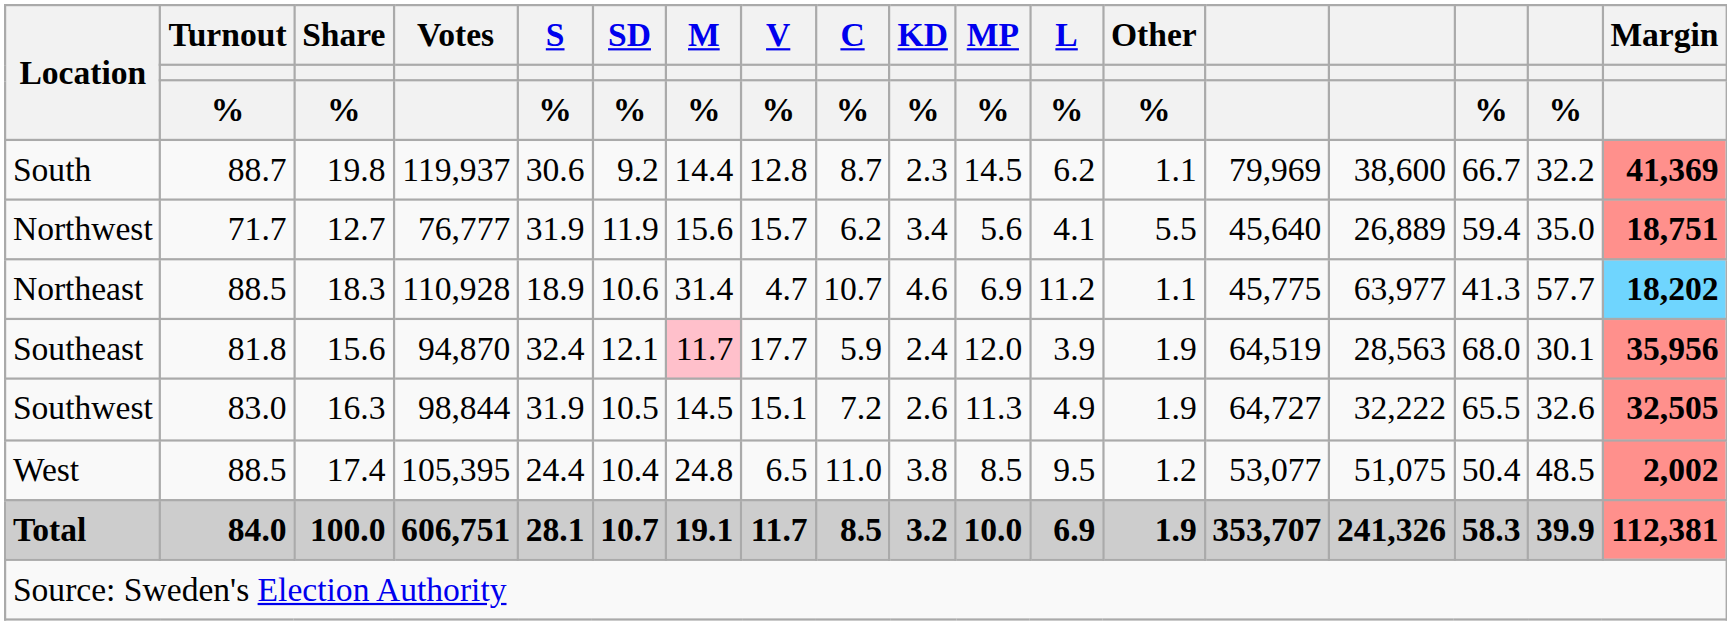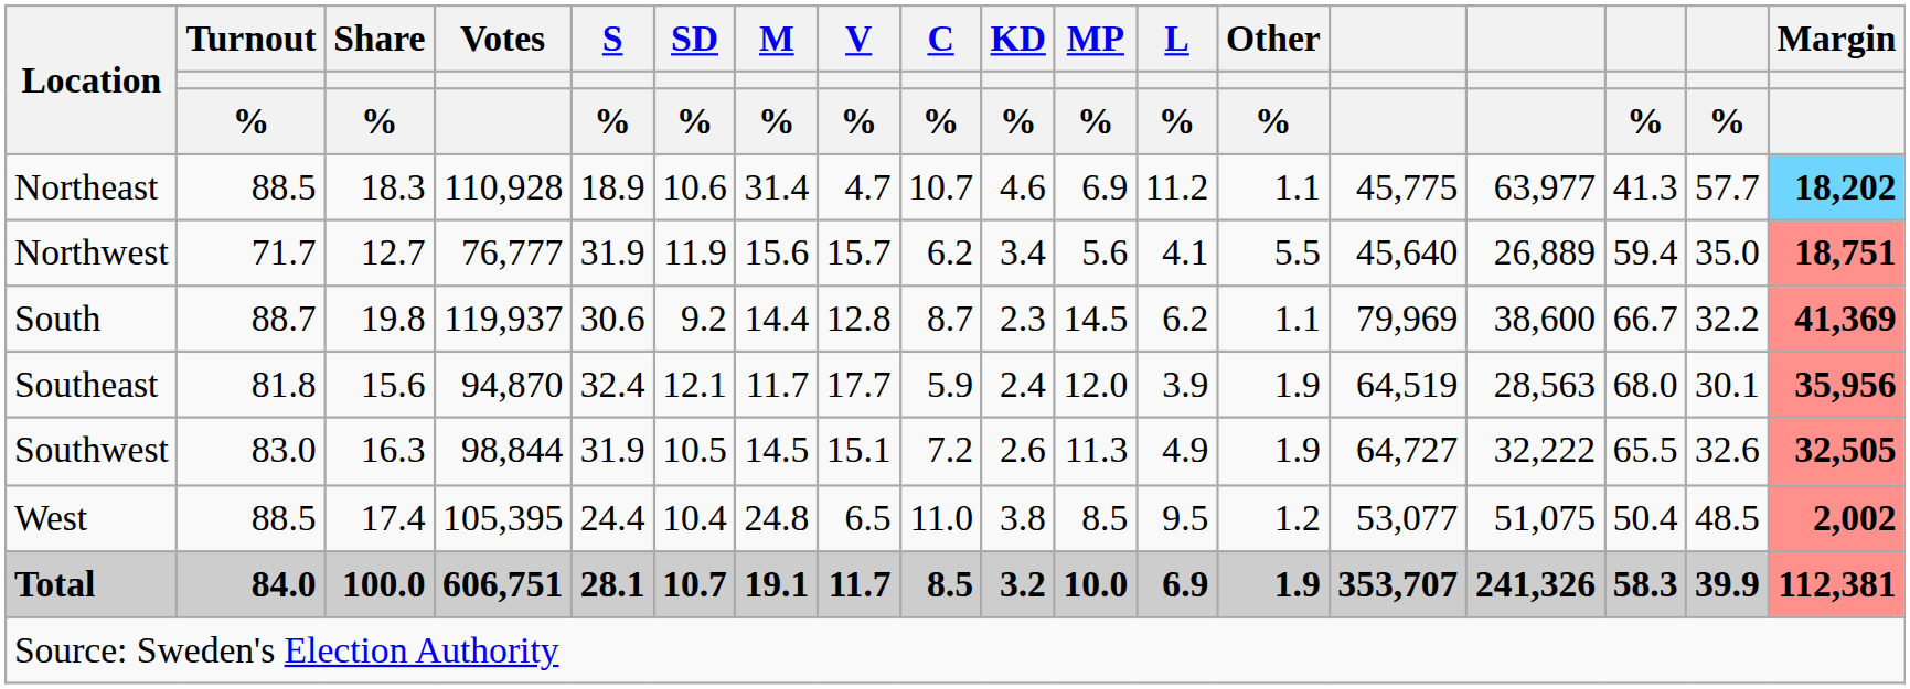 <table class="wikitable sortable" style="text-align:right; font-size:95%; line-height:20px;">
 <tr>
 <th rowspan="3">Location</th>
 <th>Turnout</th>
 <th>Share</th>
 <th>Votes</th>
 <th width="30px" class="unsortable"><a href='#'>S</a></th>
 <th width="30px" class="unsortable"><a href='#'>SD</a></th>
 <th width="30px" class="unsortable"><a href='#'>M</a></th>
 <th width="30px" class="unsortable"><a href='#'>V</a></th>
 <th width="30px" class="unsortable"><a href='#'>C</a></th>
 <th width="30px" class="unsortable"><a href='#'>KD</a></th>
 <th width="30px" class="unsortable"><a href='#'>MP</a></th>
 <th width="30px" class="unsortable"><a href='#'>L</a></th>
 <th width="30px" class="unsortable">Other</th>
 <th></th>
 <th></th>
 <th></th>
 <th></th>
 <th>Margin</th>
 </tr>
 <tr>
 <th></th>
 <th></th>
 <th></th>
 <th style="background:"></th>
 <th style="background:"></th>
 <th style="background:"></th>
 <th style="background:"></th>
 <th style="background:"></th>
 <th style="background:"></th>
 <th style="background:"></th>
 <th style="background:"></th>
 <th style="background:"></th>
 <th style="background:"></th>
 <th style="background:"></th>
 <th style="background:"></th>
 <th style="background:"></th>
 <th></th>
 </tr>
 <tr>
 <th data-sort-type="number">%</th>
 <th data-sort-type="number">%</th>
 <th></th>
 <th data-sort-type="number">%</th>
 <th data-sort-type="number">%</th>
 <th data-sort-type="number">%</th>
 <th data-sort-type="number">%</th>
 <th data-sort-type="number">%</th>
 <th data-sort-type="number">%</th>
 <th data-sort-type="number">%</th>
 <th data-sort-type="number">%</th>
 <th data-sort-type="number">%</th>
 <th data-sort-type="number"></th>
 <th data-sort-type="number"></th>
 <th data-sort-type="number">%</th>
 <th data-sort-type="number">%</th>
 <th data-sort-type="number"></th>
 </tr>
 <tr>
-<td align="left">South</td>
-<td>88.7</td>
-<td>19.8</td>
-<td>119,937</td>
-<td>30.6</td>
-<td>9.2</td>
-<td>14.4</td>
-<td>12.8</td>
-<td>8.7</td>
-<td>2.3</td>
-<td>14.5</td>
-<td>6.2</td>
+<td align="left">Northeast</td>
+<td>88.5</td>
+<td>18.3</td>
+<td>110,928</td>
+<td>18.9</td>
+<td>10.6</td>
+<td>31.4</td>
+<td>4.7</td>
+<td>10.7</td>
+<td>4.6</td>
+<td>6.9</td>
+<td>11.2</td>
 <td>1.1</td>
-<td>79,969</td>
-<td>38,600</td>
-<td>66.7</td>
-<td>32.2</td>
-<td bgcolor=#ff908c><strong>41,369</strong></td>
+<td>45,775</td>
+<td>63,977</td>
+<td>41.3</td>
+<td>57.7</td>
+<td bgcolor=#6fd5fe><strong>18,202</strong></td>
 </tr>
 <tr>
 <td align="left">Northwest</td>
 <td>71.7</td>
 <td>12.7</td>
 <td>76,777</td>
 <td>31.9</td>
 <td>11.9</td>
 <td>15.6</td>
 <td>15.7</td>
 <td>6.2</td>
 <td>3.4</td>
 <td>5.6</td>
 <td>4.1</td>
 <td>5.5</td>
 <td>45,640</td>
 <td>26,889</td>
 <td>59.4</td>
 <td>35.0</td>
 <td bgcolor=#ff908c><strong>18,751</strong></td>
 </tr>
 <tr>
-<td align="left">Northeast</td>
-<td>88.5</td>
-<td>18.3</td>
-<td>110,928</td>
-<td>18.9</td>
-<td>10.6</td>
-<td>31.4</td>
-<td>4.7</td>
-<td>10.7</td>
-<td>4.6</td>
-<td>6.9</td>
-<td>11.2</td>
+<td align="left">South</td>
+<td>88.7</td>
+<td>19.8</td>
+<td>119,937</td>
+<td>30.6</td>
+<td>9.2</td>
+<td>14.4</td>
+<td>12.8</td>
+<td>8.7</td>
+<td>2.3</td>
+<td>14.5</td>
+<td>6.2</td>
 <td>1.1</td>
-<td>45,775</td>
-<td>63,977</td>
-<td>41.3</td>
-<td>57.7</td>
-<td bgcolor=#6fd5fe><strong>18,202</strong></td>
+<td>79,969</td>
+<td>38,600</td>
+<td>66.7</td>
+<td>32.2</td>
+<td bgcolor=#ff908c><strong>41,369</strong></td>
 </tr>
 <tr>
 <td align="left">Southeast</td>
 <td>81.8</td>
 <td>15.6</td>
 <td>94,870</td>
 <td>32.4</td>
 <td>12.1</td>
-<td style="background: pink;">11.7</td>
+<td>11.7</td>
 <td>17.7</td>
 <td>5.9</td>
 <td>2.4</td>
 <td>12.0</td>
 <td>3.9</td>
 <td>1.9</td>
 <td>64,519</td>
 <td>28,563</td>
 <td>68.0</td>
 <td>30.1</td>
 <td bgcolor=#ff908c><strong>35,956</strong></td>
 </tr>
 <tr>
 <td align="left">Southwest</td>
 <td>83.0</td>
 <td>16.3</td>
 <td>98,844</td>
 <td>31.9</td>
 <td>10.5</td>
 <td>14.5</td>
 <td>15.1</td>
 <td>7.2</td>
 <td>2.6</td>
 <td>11.3</td>
 <td>4.9</td>
 <td>1.9</td>
 <td>64,727</td>
 <td>32,222</td>
 <td>65.5</td>
 <td>32.6</td>
 <td bgcolor=#ff908c><strong>32,505</strong></td>
 </tr>
 <tr>
 <td align="left">West</td>
 <td>88.5</td>
 <td>17.4</td>
 <td>105,395</td>
 <td>24.4</td>
 <td>10.4</td>
 <td>24.8</td>
 <td>6.5</td>
 <td>11.0</td>
 <td>3.8</td>
 <td>8.5</td>
 <td>9.5</td>
 <td>1.2</td>
 <td>53,077</td>
 <td>51,075</td>
 <td>50.4</td>
 <td>48.5</td>
 <td bgcolor=#ff908c><strong>2,002</strong></td>
 </tr>
 <tr style="background:#CDCDCD;">
 <td align="left"><strong>Total</strong></td>
 <td><strong>84.0</strong></td>
 <td><strong>100.0</strong></td>
 <td><strong>606,751</strong></td>
 <td><strong>28.1</strong></td>
 <td><strong>10.7</strong></td>
 <td><strong>19.1</strong></td>
 <td><strong>11.7</strong></td>
 <td><strong>8.5</strong></td>
 <td><strong>3.2</strong></td>
 <td><strong>10.0</strong></td>
 <td><strong>6.9</strong></td>
 <td><strong>1.9</strong></td>
 <td><strong>353,707</strong></td>
 <td><strong>241,326</strong></td>
 <td><strong>58.3</strong></td>
 <td><strong>39.9</strong></td>
 <td bgcolor=#ff908c><strong>112,381</strong></td>
 </tr>
 <tr>
 <td colspan="18" align="left">Source: Sweden's <a href='#'>Election Authority</a></td>
 </tr>
 </table>
